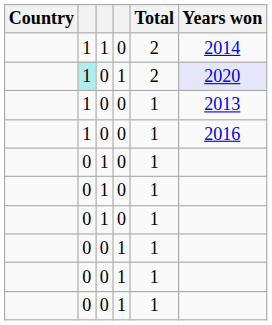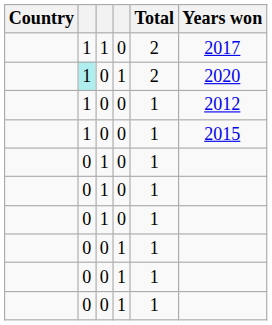 <table class="wikitable sortable" style="margin-top:0;text-align:center">
 <tr>
 <th>Country</th>
 <th></th>
 <th></th>
 <th></th>
 <th>Total</th>
 <th>Years won</th>
 </tr>
 <tr>
 <td></td>
 <td>1</td>
 <td>1</td>
 <td>0</td>
 <td>2</td>
-<td><a href='#'>2014</a></td>
+<td><a href='#'>2017</a></td>
 </tr>
 <tr>
 <td></td>
 <td style="background: paleturquoise;">1</td>
 <td>0</td>
 <td>1</td>
 <td>2</td>
-<td style="background: lavender;"><a href='#'>2020</a></td>
+<td><a href='#'>2020</a></td>
 </tr>
 <tr>
 <td></td>
 <td>1</td>
 <td>0</td>
 <td>0</td>
 <td>1</td>
-<td><a href='#'>2013</a></td>
+<td><a href='#'>2012</a></td>
 </tr>
 <tr>
 <td></td>
 <td>1</td>
 <td>0</td>
 <td>0</td>
 <td>1</td>
-<td><a href='#'>2016</a></td>
+<td><a href='#'>2015</a></td>
 </tr>
 <tr>
 <td></td>
 <td>0</td>
 <td>1</td>
 <td>0</td>
 <td>1</td>
 <td></td>
 </tr>
 <tr>
 <td></td>
 <td>0</td>
 <td>1</td>
 <td>0</td>
 <td>1</td>
 <td></td>
 </tr>
 <tr>
 <td></td>
 <td>0</td>
 <td>1</td>
 <td>0</td>
 <td>1</td>
 <td></td>
 </tr>
 <tr>
 <td></td>
 <td>0</td>
 <td>0</td>
 <td>1</td>
 <td>1</td>
 <td></td>
 </tr>
 <tr>
 <td></td>
 <td>0</td>
 <td>0</td>
 <td>1</td>
 <td>1</td>
 <td></td>
 </tr>
 <tr>
 <td></td>
 <td>0</td>
 <td>0</td>
 <td>1</td>
 <td>1</td>
 <td></td>
 </tr>
 </table>
